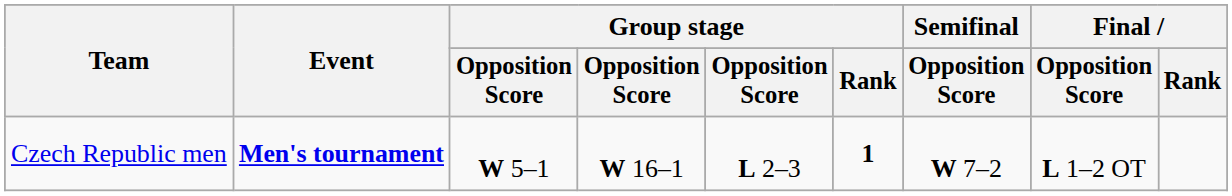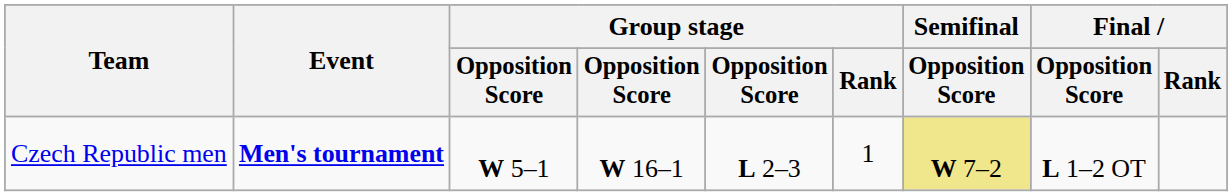 <table class="wikitable" style="font-size:90%">
 <tr>
 <th rowspan="2">Team</th>
 <th rowspan="2">Event</th>
 <th colspan="4">Group stage</th>
 <th>Semifinal</th>
 <th colspan="2">Final / </th>
 </tr>
 <tr style="font-size:95%">
 <th>Opposition<br>Score</th>
 <th>Opposition<br>Score</th>
 <th>Opposition<br>Score</th>
 <th>Rank</th>
 <th>Opposition<br>Score</th>
 <th>Opposition<br>Score</th>
 <th>Rank</th>
 </tr>
 <tr align="center">
 <td align="left"><a href='#'>Czech Republic men</a></td>
 <td align="left"><strong><a href='#'>Men's tournament</a></strong></td>
 <td><br><strong>W</strong> 5–1</td>
 <td><br><strong>W</strong> 16–1</td>
 <td><br><strong>L</strong> 2–3</td>
-<td><strong>1</strong></td>
-<td><br><strong>W</strong> 7–2</td>
+<td>1</td>
+<td style="background: khaki;"><br><strong>W</strong> 7–2</td>
 <td><br><strong>L</strong> 1–2 OT</td>
 <td></td>
 </tr>
 </table>
